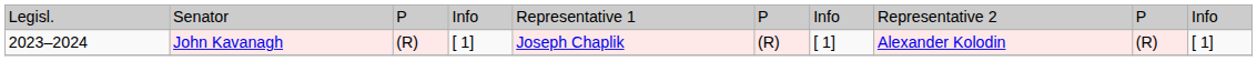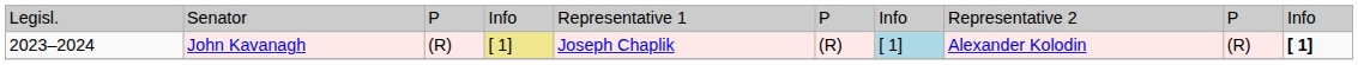 <table class=wikitable width="100%" border="1">
 <tr style="background-color:#cccccc;">
 <td>Legisl.</td>
 <td>Senator</td>
 <td>P</td>
 <td>Info</td>
 <td>Representative 1</td>
 <td>P</td>
 <td>Info</td>
 <td>Representative 2</td>
 <td>P</td>
 <td>Info</td>
 </tr>
 <tr>
 <td>2023–2024</td>
 <td style="background:#FFE8E8"><a href='#'>John Kavanagh</a></td>
 <td style="background:#FFE8E8">(R)</td>
-<td>[ 1]</td>
+<td style="background: khaki;">[ 1]</td>
 <td style="background:#FFE8E8"><a href='#'>Joseph Chaplik</a></td>
 <td style="background:#FFE8E8">(R)</td>
-<td>[ 1]</td>
+<td style="background: lightblue;">[ 1]</td>
 <td style="background:#FFE8E8"><a href='#'>Alexander Kolodin</a></td>
 <td style="background:#FFE8E8">(R)</td>
-<td>[ 1]</td>
+<td><strong>[ 1]</strong></td>
 </tr>
 <tr>
 </tr>
 </table>
